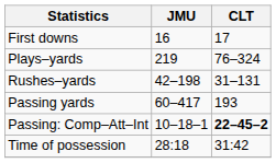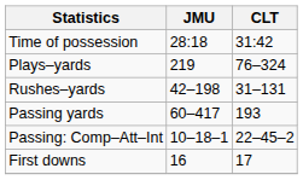 <table class="wikitable" style="float: left;">
 <tr>
 <th>Statistics</th>
 <th>JMU</th>
 <th>CLT</th>
 </tr>
 <tr>
-<td>First downs</td>
-<td>16</td>
-<td>17</td>
+<td>Time of possession</td>
+<td>28:18</td>
+<td>31:42</td>
 </tr>
 <tr>
 <td>Plays–yards</td>
 <td>219</td>
 <td>76–324</td>
 </tr>
 <tr>
 <td>Rushes–yards</td>
 <td>42–198</td>
 <td>31–131</td>
 </tr>
 <tr>
 <td>Passing yards</td>
 <td>60–417</td>
 <td>193</td>
 </tr>
 <tr>
 <td>Passing: Comp–Att–Int</td>
 <td>10–18–1</td>
-<td><strong>22–45–2</strong></td>
+<td>22–45–2</td>
 </tr>
 <tr>
-<td>Time of possession</td>
-<td>28:18</td>
-<td>31:42</td>
+<td>First downs</td>
+<td>16</td>
+<td>17</td>
 </tr>
 <tr>
 </tr>
 </table>
